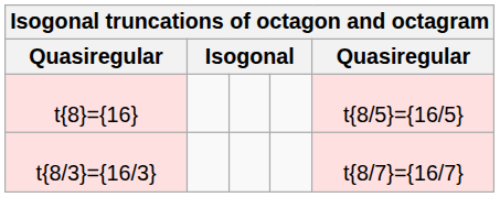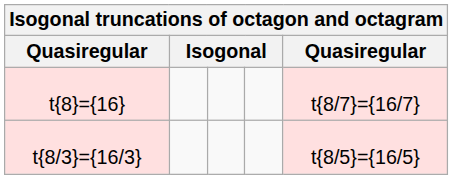 <table class="wikitable collapsible collapsed">
 <tr>
 <th colspan=5>Isogonal truncations of octagon and octagram</th>
 </tr>
 <tr>
 <th>Quasiregular</th>
 <th colspan=3>Isogonal</th>
 <th>Quasiregular</th>
 </tr>
 <tr align=center valign=top>
 <td BGCOLOR="#ffe0e0"><br>t{8}={16}</td>
 <td></td>
 <td></td>
 <td></td>
-<td BGCOLOR="#ffe0e0"><br>t{8/5}={16/5}</td>
+<td BGCOLOR="#ffe0e0"><br>t{8/7}={16/7}</td>
 </tr>
 <tr align=center valign=top>
 <td BGCOLOR="#ffe0e0"><br>t{8/3}={16/3}</td>
 <td></td>
 <td></td>
 <td></td>
-<td BGCOLOR="#ffe0e0"><br>t{8/7}={16/7}</td>
+<td BGCOLOR="#ffe0e0"><br>t{8/5}={16/5}</td>
 </tr>
 </table>
